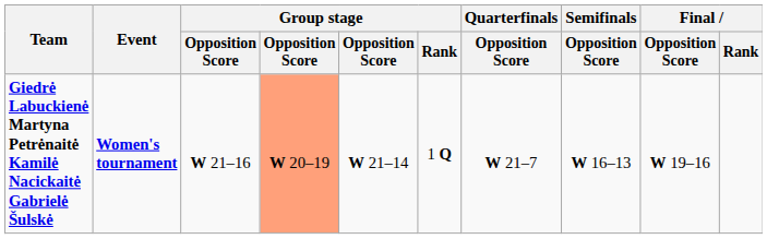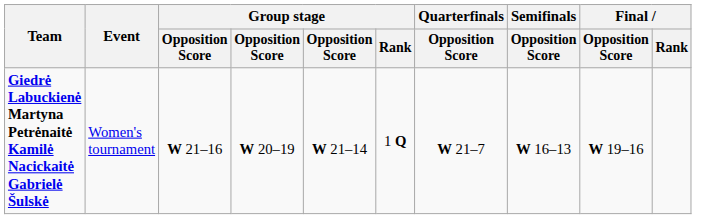 <table class="wikitable" style="text-align:center; font-size:90%">
 <tr>
 <th rowspan=2>Team</th>
 <th rowspan=2>Event</th>
 <th colspan=4>Group stage</th>
 <th>Quarterfinals</th>
 <th>Semifinals</th>
 <th colspan=2>Final / </th>
 </tr>
 <tr style="font-size:95%">
 <th>Opposition<br>Score</th>
 <th>Opposition<br>Score</th>
 <th>Opposition<br>Score</th>
 <th>Rank</th>
 <th>Opposition<br>Score</th>
 <th>Opposition<br>Score</th>
 <th>Opposition<br>Score</th>
 <th>Rank</th>
 </tr>
 <tr>
 <td align=left><strong><a href='#'>Giedrė Labuckienė</a><br>Martyna Petrėnaitė<br><a href='#'>Kamilė Nacickaitė</a><br><a href='#'>Gabrielė Šulskė</a></strong></td>
-<td align=left><strong><a href='#'>Women's tournament</a></strong></td>
+<td align=left><a href='#'>Women's tournament</a></td>
 <td><br><strong>W</strong> 21–16</td>
-<td style="background: lightsalmon;"><br><strong>W</strong> 20–19</td>
+<td><br><strong>W</strong> 20–19</td>
 <td><br><strong>W</strong> 21–14</td>
 <td>1 <strong>Q</strong></td>
 <td><br><strong>W</strong> 21–7</td>
 <td><br><strong>W</strong> 16–13</td>
 <td><br><strong>W</strong> 19–16</td>
 <td></td>
 </tr>
 </table>
